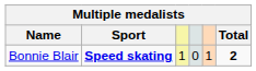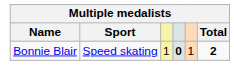 <table class=wikitable style=font-size:85%;float:right;text-align:center>
 <tr>
 <th colspan=6><strong>Multiple medalists</strong></th>
 </tr>
 <tr>
 <th>Name</th>
 <th>Sport</th>
 <td bgcolor=F7F6A8></td>
 <td bgcolor=DCE5E5></td>
 <td bgcolor=FFDAB9></td>
 <th>Total</th>
 </tr>
 <tr>
 <td><a href='#'>Bonnie Blair</a></td>
-<td><strong><a href='#'>Speed skating</a></strong></td>
+<td><a href='#'>Speed skating</a></td>
 <td bgcolor=F7F6A8>1</td>
-<td bgcolor=DCE5E5>0</td>
+<td bgcolor=DCE5E5><strong>0</strong></td>
 <td bgcolor=FFDAB9>1</td>
 <td><strong>2</strong></td>
 </tr>
 </table>
